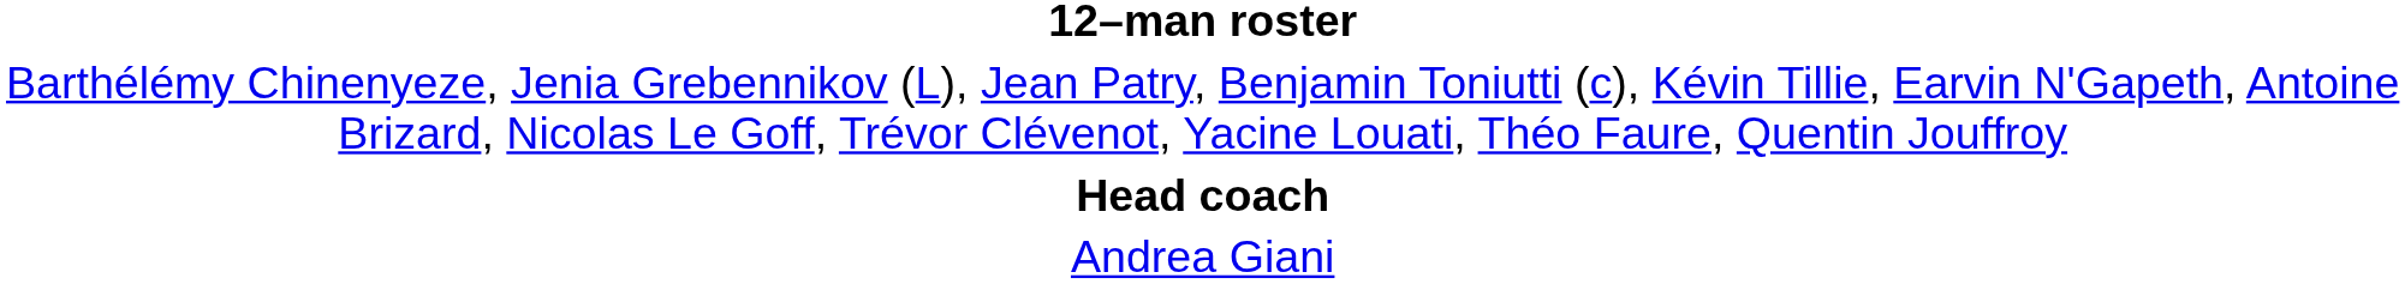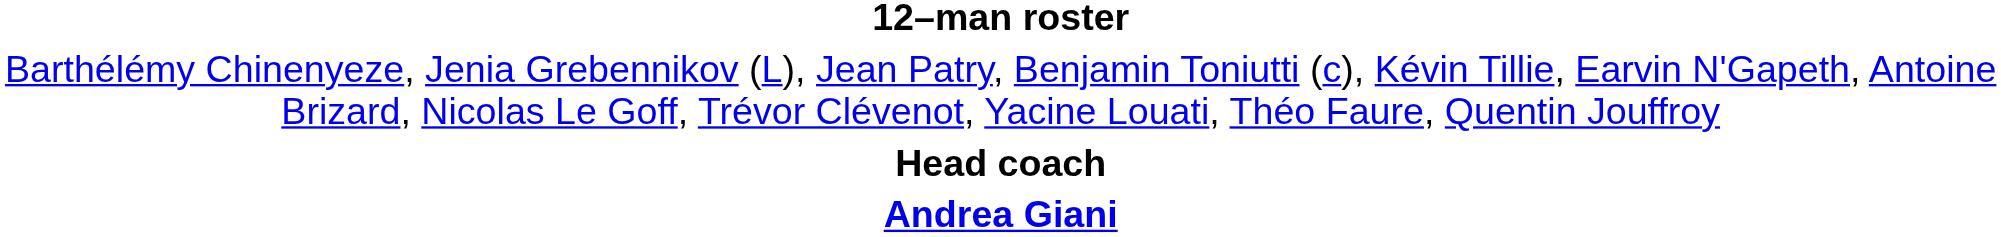 <table style="text-align: center; margin-top:2em; margin-left: auto; margin-right:auto">
 <tr>
 <td><strong>12–man roster</strong></td>
 </tr>
 <tr>
 <td><a href='#'>Barthélémy Chinenyeze</a>, <a href='#'>Jenia Grebennikov</a> (<a href='#'>L</a>), <a href='#'>Jean Patry</a>, <a href='#'>Benjamin Toniutti</a> (<a href='#'>c</a>), <a href='#'>Kévin Tillie</a>, <a href='#'>Earvin N'Gapeth</a>, <a href='#'>Antoine Brizard</a>, <a href='#'>Nicolas Le Goff</a>, <a href='#'>Trévor Clévenot</a>, <a href='#'>Yacine Louati</a>, <a href='#'>Théo Faure</a>, <a href='#'>Quentin Jouffroy</a></td>
 </tr>
 <tr>
 <td><strong>Head coach</strong></td>
 </tr>
 <tr>
-<td> <a href='#'>Andrea Giani</a></td>
+<td><strong> <a href='#'>Andrea Giani</a></strong></td>
 </tr>
 </table>
